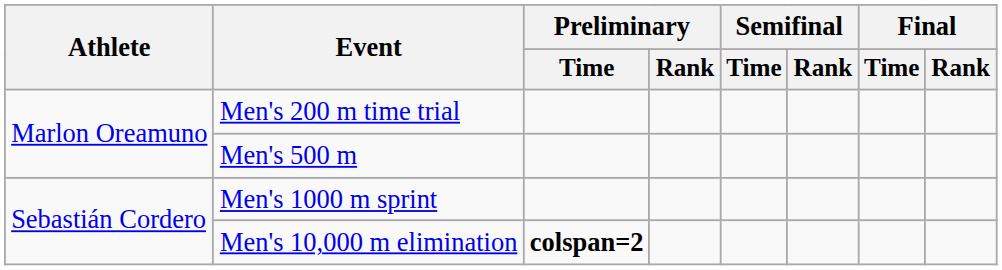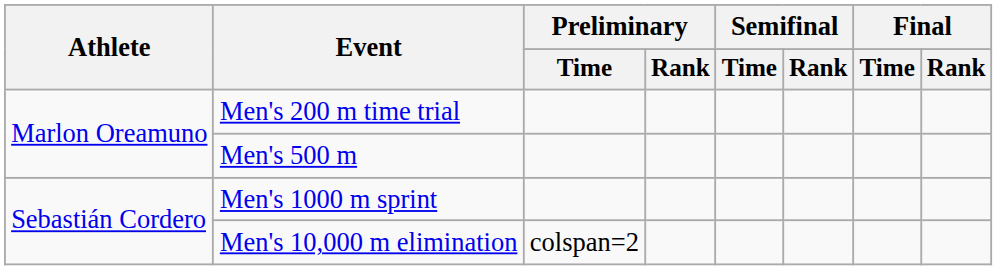 <table class=wikitable style=font-size:90%;text-align:center>
 <tr>
 <th rowspan=2>Athlete</th>
 <th rowspan=2>Event</th>
 <th colspan=2>Preliminary</th>
 <th colspan=2>Semifinal</th>
 <th colspan=2>Final</th>
 </tr>
 <tr style=font-size:95%>
 <th>Time</th>
 <th>Rank</th>
 <th>Time</th>
 <th>Rank</th>
 <th>Time</th>
 <th>Rank</th>
 </tr>
 <tr>
 <td rowspan=2 align=left><a href='#'>Marlon Oreamuno</a></td>
 <td align=left><a href='#'>Men's 200 m time trial</a></td>
 <td></td>
 <td></td>
 <td></td>
 <td></td>
 <td></td>
 <td></td>
 </tr>
 <tr>
 <td align=left><a href='#'>Men's 500 m</a></td>
 <td></td>
 <td></td>
 <td></td>
 <td></td>
 <td></td>
 <td></td>
 </tr>
 <tr>
 <td rowspan=2 align=left><a href='#'>Sebastián Cordero</a></td>
 <td align=left><a href='#'>Men's 1000 m sprint</a></td>
 <td></td>
 <td></td>
 <td></td>
 <td></td>
 <td></td>
 <td></td>
 </tr>
 <tr>
 <td align=left><a href='#'>Men's 10,000 m elimination</a></td>
-<td><strong>colspan=2 </strong></td>
+<td>colspan=2 </td>
 <td></td>
 <td></td>
 <td></td>
 <td></td>
 </tr>
 </table>
